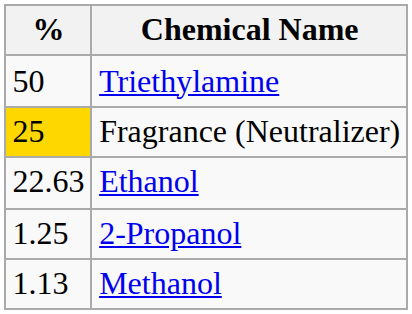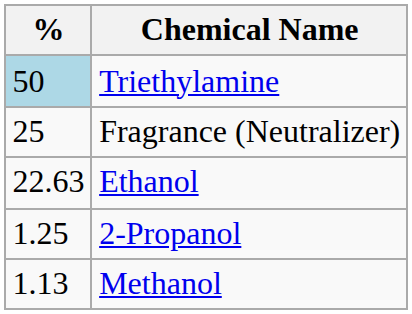 <table class="wikitable">
 <tr>
 <th>%</th>
 <th>Chemical Name</th>
 </tr>
 <tr>
-<td>50</td>
+<td style="background: lightblue;">50</td>
 <td><a href='#'>Triethylamine</a></td>
 </tr>
 <tr>
-<td style="background: gold;">25</td>
+<td>25</td>
 <td>Fragrance (Neutralizer)</td>
 </tr>
 <tr>
 <td>22.63</td>
 <td><a href='#'>Ethanol</a></td>
 </tr>
 <tr>
 <td>1.25</td>
 <td><a href='#'>2-Propanol</a></td>
 </tr>
 <tr>
 <td>1.13</td>
 <td><a href='#'>Methanol</a></td>
 </tr>
 <tr>
 </tr>
 </table>
